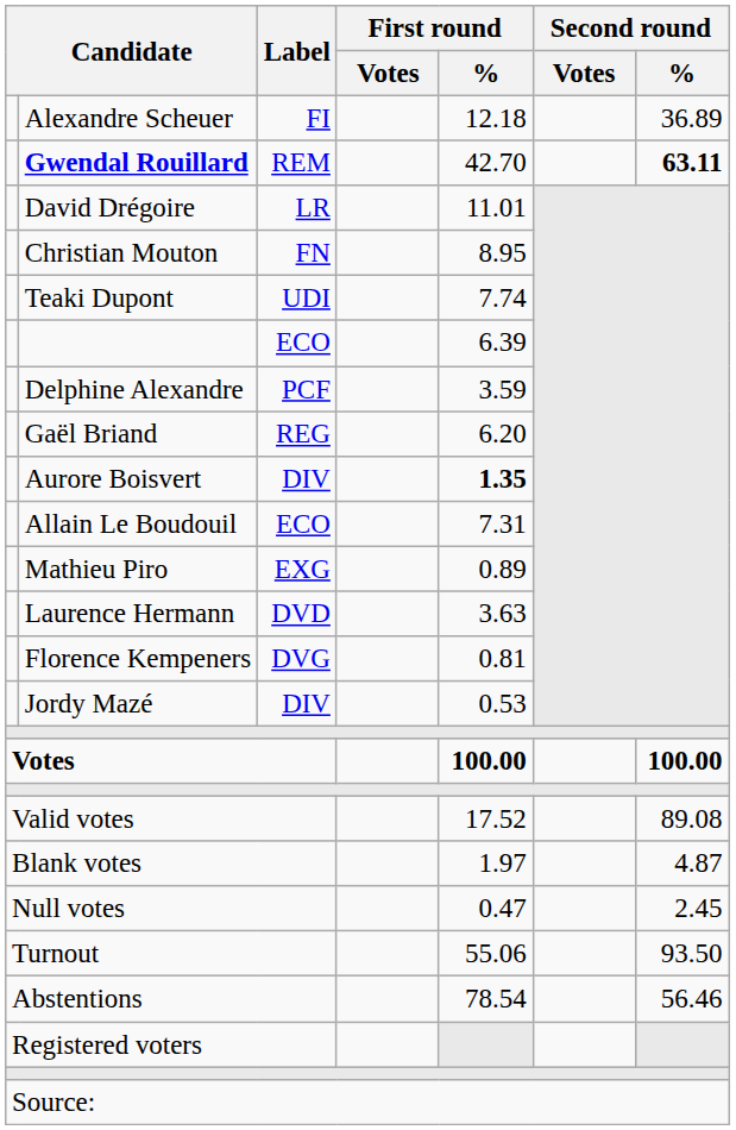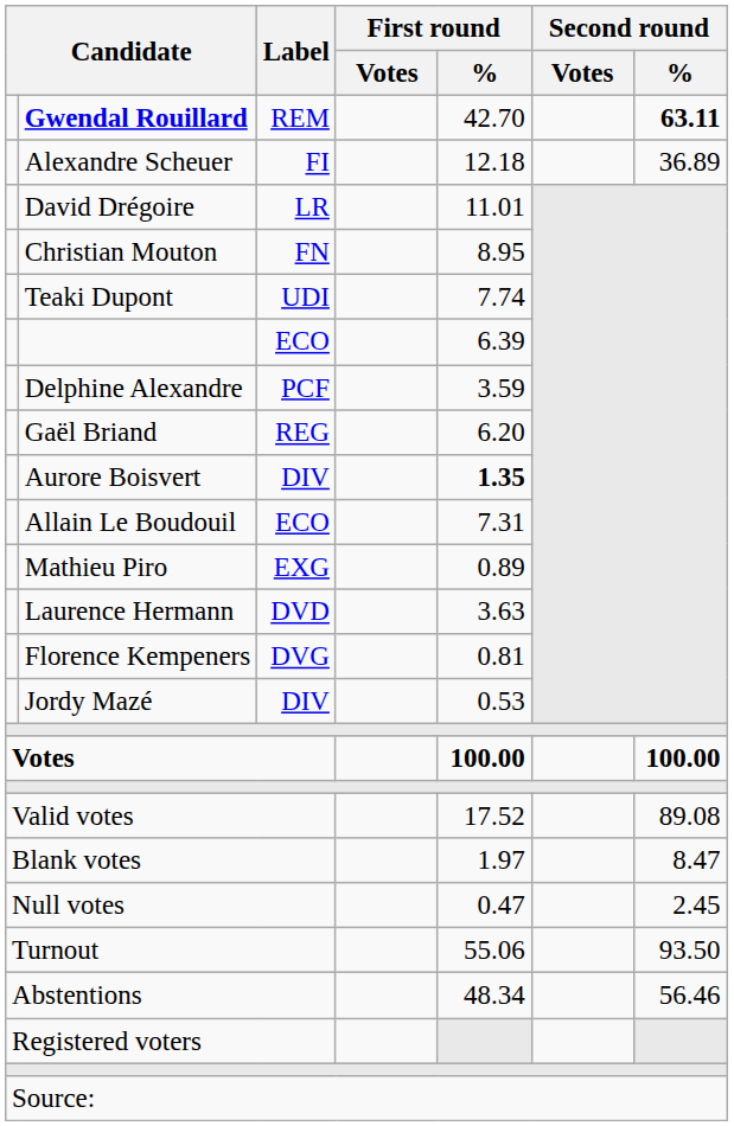 <table class="wikitable" style="text-align:right;font-size:95%;">
 <tr>
 <th rowspan="2" colspan="2">Candidate</th>
 <th rowspan="2">Label</th>
 <th colspan="2">First round</th>
 <th colspan="2">Second round</th>
 </tr>
 <tr>
 <th style="width:50px;">Votes</th>
 <th style="width:45px;">%</th>
 <th style="width:50px;">Votes</th>
 <th style="width:45px;">%</th>
 </tr>
 <tr>
 <td style="color:inherit;background:"></td>
+<td style="text-align:left;"><strong><a href='#'>Gwendal Rouillard</a></strong></td>
+<td><a href='#'>REM</a></td>
+<td></td>
+<td>42.70</td>
+<td><strong></strong></td>
+<td><strong>63.11</strong></td>
+</tr>
+<tr>
+<td style="color:inherit;background:"></td>
 <td style="text-align:left;">Alexandre Scheuer</td>
 <td><a href='#'>FI</a></td>
 <td></td>
 <td>12.18</td>
 <td></td>
 <td>36.89</td>
-</tr>
-<tr>
-<td style="color:inherit;background:"></td>
-<td style="text-align:left;"><strong><a href='#'>Gwendal Rouillard</a></strong></td>
-<td><a href='#'>REM</a></td>
-<td></td>
-<td>42.70</td>
-<td><strong></strong></td>
-<td><strong>63.11</strong></td>
 </tr>
 <tr>
 <td style="color:inherit;background:"></td>
 <td style="text-align:left;">David Drégoire</td>
 <td><a href='#'>LR</a></td>
 <td></td>
 <td>11.01</td>
 <td colspan="2" rowspan="12" style="background:#E9E9E9;"></td>
 </tr>
 <tr>
 <td style="color:inherit;background:"></td>
 <td style="text-align:left;">Christian Mouton</td>
 <td><a href='#'>FN</a></td>
 <td></td>
 <td>8.95</td>
 </tr>
 <tr>
 <td style="color:inherit;background:"></td>
 <td style="text-align:left;">Teaki Dupont</td>
 <td><a href='#'>UDI</a></td>
 <td></td>
 <td>7.74</td>
 </tr>
 <tr>
 <td style="color:inherit;background:"></td>
 <td style="text-align:left;"></td>
 <td><a href='#'>ECO</a></td>
 <td></td>
 <td>6.39</td>
 </tr>
 <tr>
 <td style="color:inherit;background:"></td>
 <td style="text-align:left;">Delphine Alexandre</td>
 <td><a href='#'>PCF</a></td>
 <td></td>
 <td>3.59</td>
 </tr>
 <tr>
 <td style="color:inherit;background:"></td>
 <td style="text-align:left;">Gaël Briand</td>
 <td><a href='#'>REG</a></td>
 <td></td>
 <td>6.20</td>
 </tr>
 <tr>
 <td style="color:inherit;background:"></td>
 <td style="text-align:left;">Aurore Boisvert</td>
 <td><a href='#'>DIV</a></td>
 <td></td>
 <td><strong>1.35</strong></td>
 </tr>
 <tr>
 <td style="color:inherit;background:"></td>
 <td style="text-align:left;">Allain Le Boudouil</td>
 <td><a href='#'>ECO</a></td>
 <td></td>
 <td>7.31</td>
 </tr>
 <tr>
 <td style="color:inherit;background:"></td>
 <td style="text-align:left;">Mathieu Piro</td>
 <td><a href='#'>EXG</a></td>
 <td></td>
 <td>0.89</td>
 </tr>
 <tr>
 <td style="color:inherit;background:"></td>
 <td style="text-align:left;">Laurence Hermann</td>
 <td><a href='#'>DVD</a></td>
 <td></td>
 <td>3.63</td>
 </tr>
 <tr>
 <td style="color:inherit;background:"></td>
 <td style="text-align:left;">Florence Kempeners</td>
 <td><a href='#'>DVG</a></td>
 <td></td>
 <td>0.81</td>
 </tr>
 <tr>
 <td style="color:inherit;background:"></td>
 <td style="text-align:left;">Jordy Mazé</td>
 <td><a href='#'>DIV</a></td>
 <td></td>
 <td>0.53</td>
 </tr>
 <tr>
 <td colspan="7" style="background:#E9E9E9;"></td>
 </tr>
 <tr style="font-weight:bold;">
 <td colspan="3" style="text-align:left;">Votes</td>
 <td></td>
 <td>100.00</td>
 <td></td>
 <td>100.00</td>
 </tr>
 <tr>
 <td colspan="7" style="background:#E9E9E9;"></td>
 </tr>
 <tr>
 <td colspan="3" style="text-align:left;">Valid votes</td>
 <td></td>
 <td>17.52</td>
 <td></td>
 <td>89.08</td>
 </tr>
 <tr>
 <td colspan="3" style="text-align:left;">Blank votes</td>
 <td></td>
 <td>1.97</td>
 <td></td>
-<td>4.87</td>
+<td>8.47</td>
 </tr>
 <tr>
 <td colspan="3" style="text-align:left;">Null votes</td>
 <td></td>
 <td>0.47</td>
 <td></td>
 <td>2.45</td>
 </tr>
 <tr>
 <td colspan="3" style="text-align:left;">Turnout</td>
 <td></td>
 <td>55.06</td>
 <td></td>
 <td>93.50</td>
 </tr>
 <tr>
 <td colspan="3" style="text-align:left;">Abstentions</td>
 <td></td>
-<td>78.54</td>
+<td>48.34</td>
 <td></td>
 <td>56.46</td>
 </tr>
 <tr>
 <td colspan="3" style="text-align:left;">Registered voters</td>
 <td></td>
 <td style="background:#E9E9E9;"></td>
 <td></td>
 <td style="background:#E9E9E9;"></td>
 </tr>
 <tr>
 <td colspan="7" style="background:#E9E9E9;"></td>
 </tr>
 <tr>
 <td colspan="7" style="text-align:left;">Source: </td>
 </tr>
 </table>
